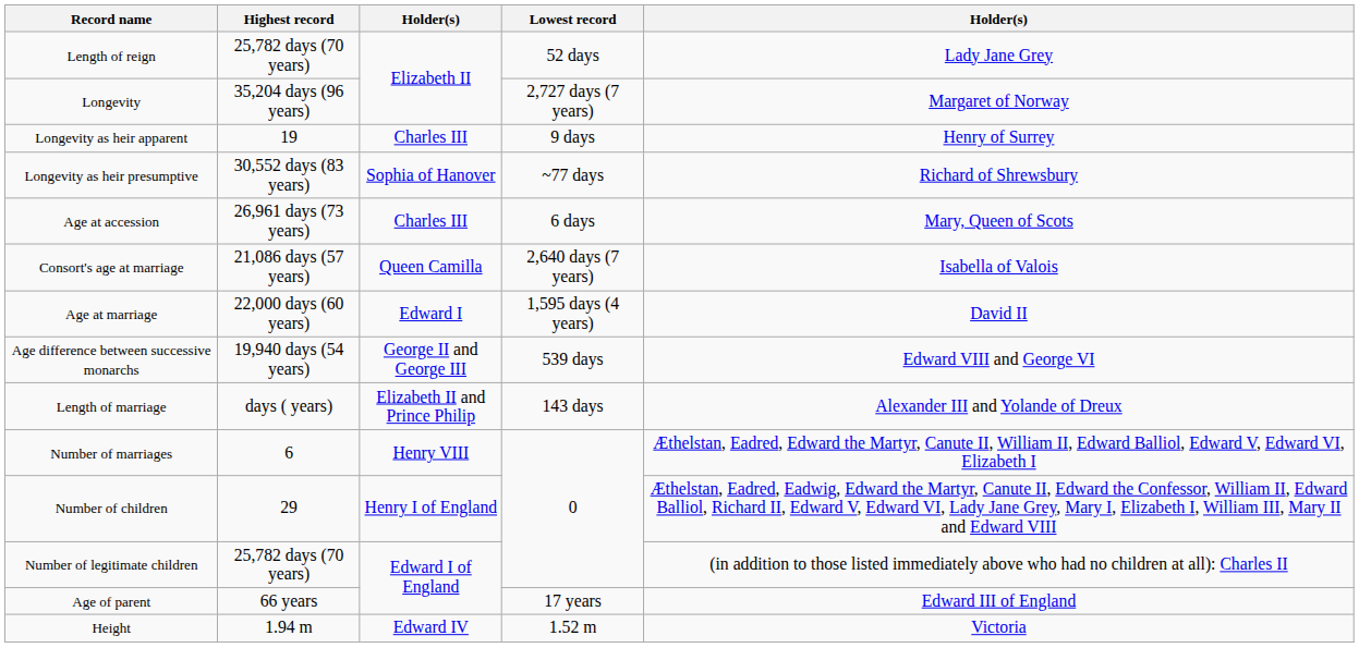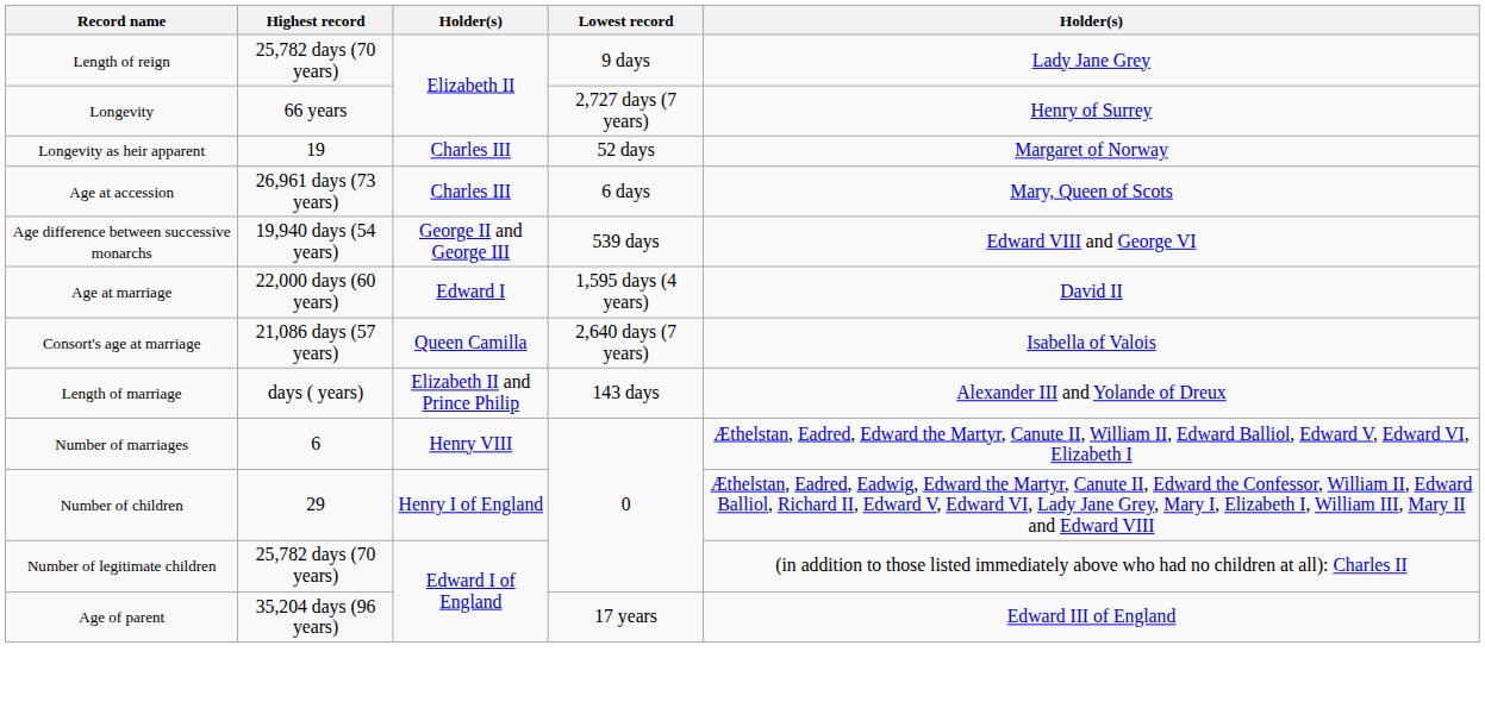 <table width=100% class="wikitable">
 <tr>
 <th width=15%><small>Record name</small></th>
 <th width=10%><small>Highest record</small></th>
 <th width=10%><small>Holder(s)</small></th>
 <th width=10%><small>Lowest record</small></th>
 <th width=50%><small>Holder(s)</small></th>
 </tr>
 <tr>
 <td align="center"><small>Length of reign</small></td>
 <td align="center">25,782 days (70 years)</td>
 <td align="center" rowspan="2"><a href='#'>Elizabeth II</a></td>
-<td align="center">52 days</td>
+<td align="center">9 days</td>
 <td align="center"><a href='#'>Lady Jane Grey</a></td>
 </tr>
 <tr>
 <td align="center"><small>Longevity</small></td>
-<td align="center">35,204 days (96 years)</td>
+<td align="center">66 years</td>
 <td align="center">2,727 days (7 years)</td>
-<td align="center"><a href='#'>Margaret of Norway</a></td>
+<td align="center"><a href='#'>Henry of Surrey</a></td>
 </tr>
 <tr>
 <td align="center"><small>Longevity as heir apparent</small></td>
 <td align="center">19</td>
 <td align="center"><a href='#'>Charles III</a></td>
-<td align="center">9 days</td>
-<td align="center"><a href='#'>Henry of Surrey</a></td>
-</tr>
-<tr>
-<td align="center"><small>Longevity as heir presumptive</small></td>
-<td align="center">30,552 days (83 years)</td>
-<td align="center"><a href='#'>Sophia of Hanover</a></td>
-<td align="center">~77 days</td>
-<td align="center"><a href='#'>Richard of Shrewsbury</a></td>
+<td align="center">52 days</td>
+<td align="center"><a href='#'>Margaret of Norway</a></td>
 </tr>
 <tr>
 <td align="center"><small>Age at accession</small></td>
 <td align="center">26,961 days (73 years)</td>
 <td align="center"><a href='#'>Charles III</a></td>
 <td align="center">6 days</td>
 <td align="center"><a href='#'>Mary, Queen of Scots</a></td>
 </tr>
 <tr>
-<td align="center"><small>Consort's age at marriage</small></td>
-<td align="center">21,086 days (57 years)</td>
-<td align="center"><a href='#'>Queen Camilla</a></td>
-<td align="center">2,640 days (7 years)</td>
-<td align="center"><a href='#'>Isabella of Valois</a></td>
+<td align="center"><small>Age difference between successive monarchs</small></td>
+<td align="center">19,940 days (54 years)</td>
+<td align="center"><a href='#'>George II</a> and <a href='#'>George III</a></td>
+<td align="center">539 days</td>
+<td align="center"><a href='#'>Edward VIII</a> and <a href='#'>George VI</a></td>
 </tr>
 <tr>
 <td align="center"><small>Age at marriage</small></td>
 <td align="center">22,000 days (60 years)</td>
 <td align="center"><a href='#'>Edward I</a></td>
 <td align="center">1,595 days (4 years)</td>
 <td align="center"><a href='#'>David II</a></td>
 </tr>
 <tr>
-<td align="center"><small>Age difference between successive monarchs</small></td>
-<td align="center">19,940 days (54 years)</td>
-<td align="center"><a href='#'>George II</a> and <a href='#'>George III</a></td>
-<td align="center">539 days</td>
-<td align="center"><a href='#'>Edward VIII</a> and <a href='#'>George VI</a></td>
+<td align="center"><small>Consort's age at marriage</small></td>
+<td align="center">21,086 days (57 years)</td>
+<td align="center"><a href='#'>Queen Camilla</a></td>
+<td align="center">2,640 days (7 years)</td>
+<td align="center"><a href='#'>Isabella of Valois</a></td>
 </tr>
 <tr>
 <td align="center"><small>Length of marriage</small></td>
 <td align="center"> days ( years)</td>
 <td align="center"><a href='#'>Elizabeth II</a> and <a href='#'>Prince Philip</a></td>
 <td align="center">143 days</td>
 <td align="center"><a href='#'>Alexander III</a> and <a href='#'>Yolande of Dreux</a></td>
 </tr>
 <tr>
 <td align="center"><small>Number of marriages</small></td>
 <td align="center">6</td>
 <td align="center"><a href='#'>Henry VIII</a></td>
 <td align="center" rowspan="3">0</td>
 <td align="center"><a href='#'>Æthelstan</a>, <a href='#'>Eadred</a>, <a href='#'>Edward the Martyr</a>, <a href='#'>Canute II</a>, <a href='#'>William II</a>, <a href='#'>Edward Balliol</a>, <a href='#'>Edward V</a>, <a href='#'>Edward VI</a>, <a href='#'>Elizabeth I</a></td>
 </tr>
 <tr>
 <td align="center"><small>Number of children</small></td>
 <td align="center">29</td>
 <td align="center"><a href='#'>Henry I of England</a></td>
 <td align="center"><a href='#'>Æthelstan</a>, <a href='#'>Eadred</a>, <a href='#'>Eadwig</a>, <a href='#'>Edward the Martyr</a>, <a href='#'>Canute II</a>, <a href='#'>Edward the Confessor</a>, <a href='#'>William II</a>, <a href='#'>Edward Balliol</a>, <a href='#'>Richard II</a>, <a href='#'>Edward V</a>, <a href='#'>Edward VI</a>, <a href='#'>Lady Jane Grey</a>, <a href='#'>Mary I</a>, <a href='#'>Elizabeth I</a>, <a href='#'>William III</a>, <a href='#'>Mary II</a> and <a href='#'>Edward VIII</a></td>
 </tr>
 <tr>
 <td align="center"><small>Number of legitimate children</small></td>
 <td align="center">25,782 days (70 years)</td>
 <td align="center" rowspan="2"><a href='#'>Edward I of England</a></td>
 <td align="center">(in addition to those listed immediately above who had no children at all): <a href='#'>Charles II</a></td>
 </tr>
 <tr>
 <td align="center"><small>Age of parent</small></td>
-<td align="center">66 years</td>
+<td align="center">35,204 days (96 years)</td>
 <td align="center">17 years</td>
 <td align="center"><a href='#'>Edward III of England</a></td>
 </tr>
-<tr>
-<td align="center"><small>Height</small></td>
-<td align="center">1.94 m</td>
-<td align="center"><a href='#'>Edward IV</a></td>
-<td align="center">1.52 m</td>
-<td align="center"><a href='#'>Victoria</a></td>
-</tr>
 </table>
